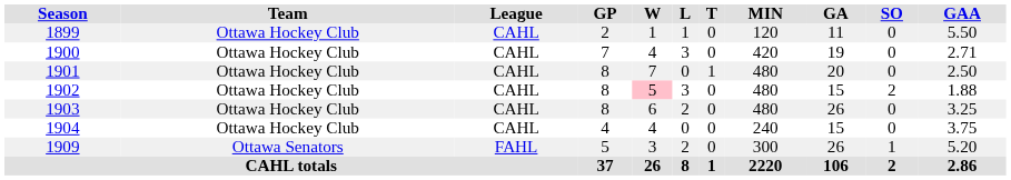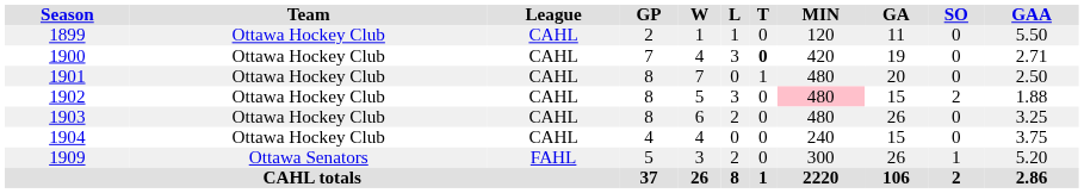 <table BORDER="0" CELLPADDING="0" CELLSPACING="0" width="75%">
 <tr bgcolor="#e0e0e0">
 <th colspan="3" bgcolor="#ffffff"></th>
 <th rowspan="99" bgcolor="#ffffff"></th>
 </tr>
 <tr bgcolor="#e0e0e0" ALIGN="center">
 <th><a href='#'>Season</a></th>
 <th>Team</th>
 <th>League</th>
 <th>GP</th>
 <th>W</th>
 <th>L</th>
 <th>T</th>
 <th>MIN</th>
 <th>GA</th>
 <th><a href='#'>SO</a></th>
 <th><a href='#'>GAA</a></th>
 </tr>
 <tr ALIGN="center" bgcolor="#f0f0f0">
 <td><a href='#'>1899</a></td>
 <td><a href='#'>Ottawa Hockey Club</a></td>
 <td><a href='#'>CAHL</a></td>
 <td>2</td>
 <td>1</td>
 <td>1</td>
 <td>0</td>
 <td>120</td>
 <td>11</td>
 <td>0</td>
 <td>5.50</td>
 </tr>
 <tr ALIGN="center">
 <td><a href='#'>1900</a></td>
 <td>Ottawa Hockey Club</td>
 <td>CAHL</td>
 <td>7</td>
 <td>4</td>
 <td>3</td>
-<td>0</td>
+<td><strong>0</strong></td>
 <td>420</td>
 <td>19</td>
 <td>0</td>
 <td>2.71</td>
 </tr>
 <tr ALIGN="center" bgcolor="#f0f0f0">
 <td><a href='#'>1901</a></td>
 <td>Ottawa Hockey Club</td>
 <td>CAHL</td>
 <td>8</td>
 <td>7</td>
 <td>0</td>
 <td>1</td>
 <td>480</td>
 <td>20</td>
 <td>0</td>
 <td>2.50</td>
 </tr>
 <tr ALIGN="center">
 <td><a href='#'>1902</a></td>
 <td>Ottawa Hockey Club</td>
 <td>CAHL</td>
 <td>8</td>
-<td style="background: pink;">5</td>
+<td>5</td>
 <td>3</td>
 <td>0</td>
-<td>480</td>
+<td style="background: pink;">480</td>
 <td>15</td>
 <td>2</td>
 <td>1.88</td>
 </tr>
 <tr ALIGN="center" bgcolor="#f0f0f0">
 <td><a href='#'>1903</a></td>
 <td>Ottawa Hockey Club</td>
 <td>CAHL</td>
 <td>8</td>
 <td>6</td>
 <td>2</td>
 <td>0</td>
 <td>480</td>
 <td>26</td>
 <td>0</td>
 <td>3.25</td>
 </tr>
 <tr ALIGN="center">
 <td><a href='#'>1904</a></td>
 <td>Ottawa Hockey Club</td>
 <td>CAHL</td>
 <td>4</td>
 <td>4</td>
 <td>0</td>
 <td>0</td>
 <td>240</td>
 <td>15</td>
 <td>0</td>
 <td>3.75</td>
 </tr>
 <tr ALIGN="center" bgcolor="#f0f0f0">
 <td><a href='#'>1909</a></td>
 <td><a href='#'>Ottawa Senators</a></td>
 <td><a href='#'>FAHL</a></td>
 <td>5</td>
 <td>3</td>
 <td>2</td>
 <td>0</td>
 <td>300</td>
 <td>26</td>
 <td>1</td>
 <td>5.20</td>
 </tr>
 <tr bgcolor="#e0e0e0">
 <th colspan="3">CAHL totals</th>
 <th>37</th>
 <th>26</th>
 <th>8</th>
 <th>1</th>
 <th>2220</th>
 <th>106</th>
 <th>2</th>
 <th>2.86</th>
 </tr>
 </table>
